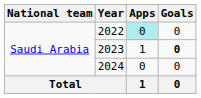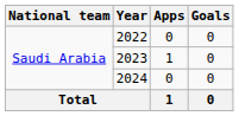 <table class="wikitable" style="text-align:center">
 <tr>
 <th>National team</th>
 <th>Year</th>
 <th>Apps</th>
 <th>Goals</th>
 </tr>
 <tr>
 <td rowspan="3"><a href='#'>Saudi Arabia</a></td>
 <td>2022</td>
-<td style="background: paleturquoise;">0</td>
+<td>0</td>
 <td>0</td>
 </tr>
 <tr>
 <td>2023</td>
 <td>1</td>
-<td><strong>0</strong></td>
+<td>0</td>
 </tr>
 <tr>
 <td>2024</td>
 <td>0</td>
 <td>0</td>
 </tr>
 <tr>
 <th colspan="2">Total</th>
 <th>1</th>
 <th>0</th>
 </tr>
 </table>
